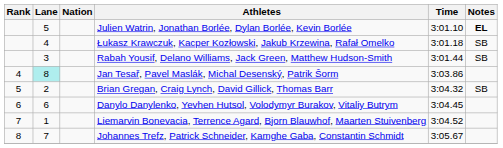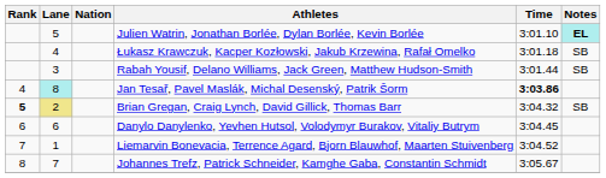 <table class="wikitable sortable" style="text-align:center">
 <tr>
 <th>Rank</th>
 <th>Lane</th>
 <th>Nation</th>
 <th>Athletes</th>
 <th>Time</th>
 <th>Notes</th>
 </tr>
 <tr>
 <td></td>
 <td>5</td>
 <td align=left></td>
 <td align=left><a href='#'>Julien Watrin</a>, <a href='#'>Jonathan Borlée</a>, <a href='#'>Dylan Borlée</a>, <a href='#'>Kevin Borlée</a></td>
 <td>3:01.10</td>
-<td><strong>EL</strong></td>
+<td style="background: paleturquoise;"><strong>EL</strong></td>
 </tr>
 <tr>
 <td></td>
 <td>4</td>
 <td align=left></td>
 <td align=left><a href='#'>Łukasz Krawczuk</a>, <a href='#'>Kacper Kozłowski</a>, <a href='#'>Jakub Krzewina</a>, <a href='#'>Rafał Omelko</a></td>
 <td>3:01.18</td>
 <td>SB</td>
 </tr>
 <tr>
 <td></td>
 <td>3</td>
 <td align=left></td>
 <td align=left><a href='#'>Rabah Yousif</a>, <a href='#'>Delano Williams</a>, <a href='#'>Jack Green</a>, <a href='#'>Matthew Hudson-Smith</a></td>
 <td>3:01.44</td>
 <td>SB</td>
 </tr>
 <tr>
 <td>4</td>
 <td style="background: paleturquoise;">8</td>
 <td align=left></td>
 <td align=left><a href='#'>Jan Tesař</a>, <a href='#'>Pavel Maslák</a>, <a href='#'>Michal Desenský</a>, <a href='#'>Patrik Šorm</a></td>
-<td>3:03.86</td>
+<td><strong>3:03.86</strong></td>
 <td></td>
 </tr>
 <tr>
-<td>5</td>
-<td>2</td>
+<td><strong>5</strong></td>
+<td style="background: khaki;">2</td>
 <td align=left></td>
 <td align=left><a href='#'>Brian Gregan</a>, <a href='#'>Craig Lynch</a>, <a href='#'>David Gillick</a>, <a href='#'>Thomas Barr</a></td>
 <td>3:04.32</td>
 <td>SB</td>
 </tr>
 <tr>
 <td>6</td>
 <td>6</td>
 <td align=left></td>
 <td align=left><a href='#'>Danylo Danylenko</a>, <a href='#'>Yevhen Hutsol</a>, <a href='#'>Volodymyr Burakov</a>, <a href='#'>Vitaliy Butrym</a></td>
 <td>3:04.45</td>
 <td></td>
 </tr>
 <tr>
 <td>7</td>
 <td>1</td>
 <td align=left></td>
 <td align=left><a href='#'>Liemarvin Bonevacia</a>, <a href='#'>Terrence Agard</a>, <a href='#'>Bjorn Blauwhof</a>, <a href='#'>Maarten Stuivenberg</a></td>
 <td>3:04.52</td>
 <td></td>
 </tr>
 <tr>
 <td>8</td>
 <td>7</td>
 <td align=left></td>
 <td align=left><a href='#'>Johannes Trefz</a>, <a href='#'>Patrick Schneider</a>, <a href='#'>Kamghe Gaba</a>, <a href='#'>Constantin Schmidt</a></td>
 <td>3:05.67</td>
 <td></td>
 </tr>
 <tr>
 </tr>
 </table>
